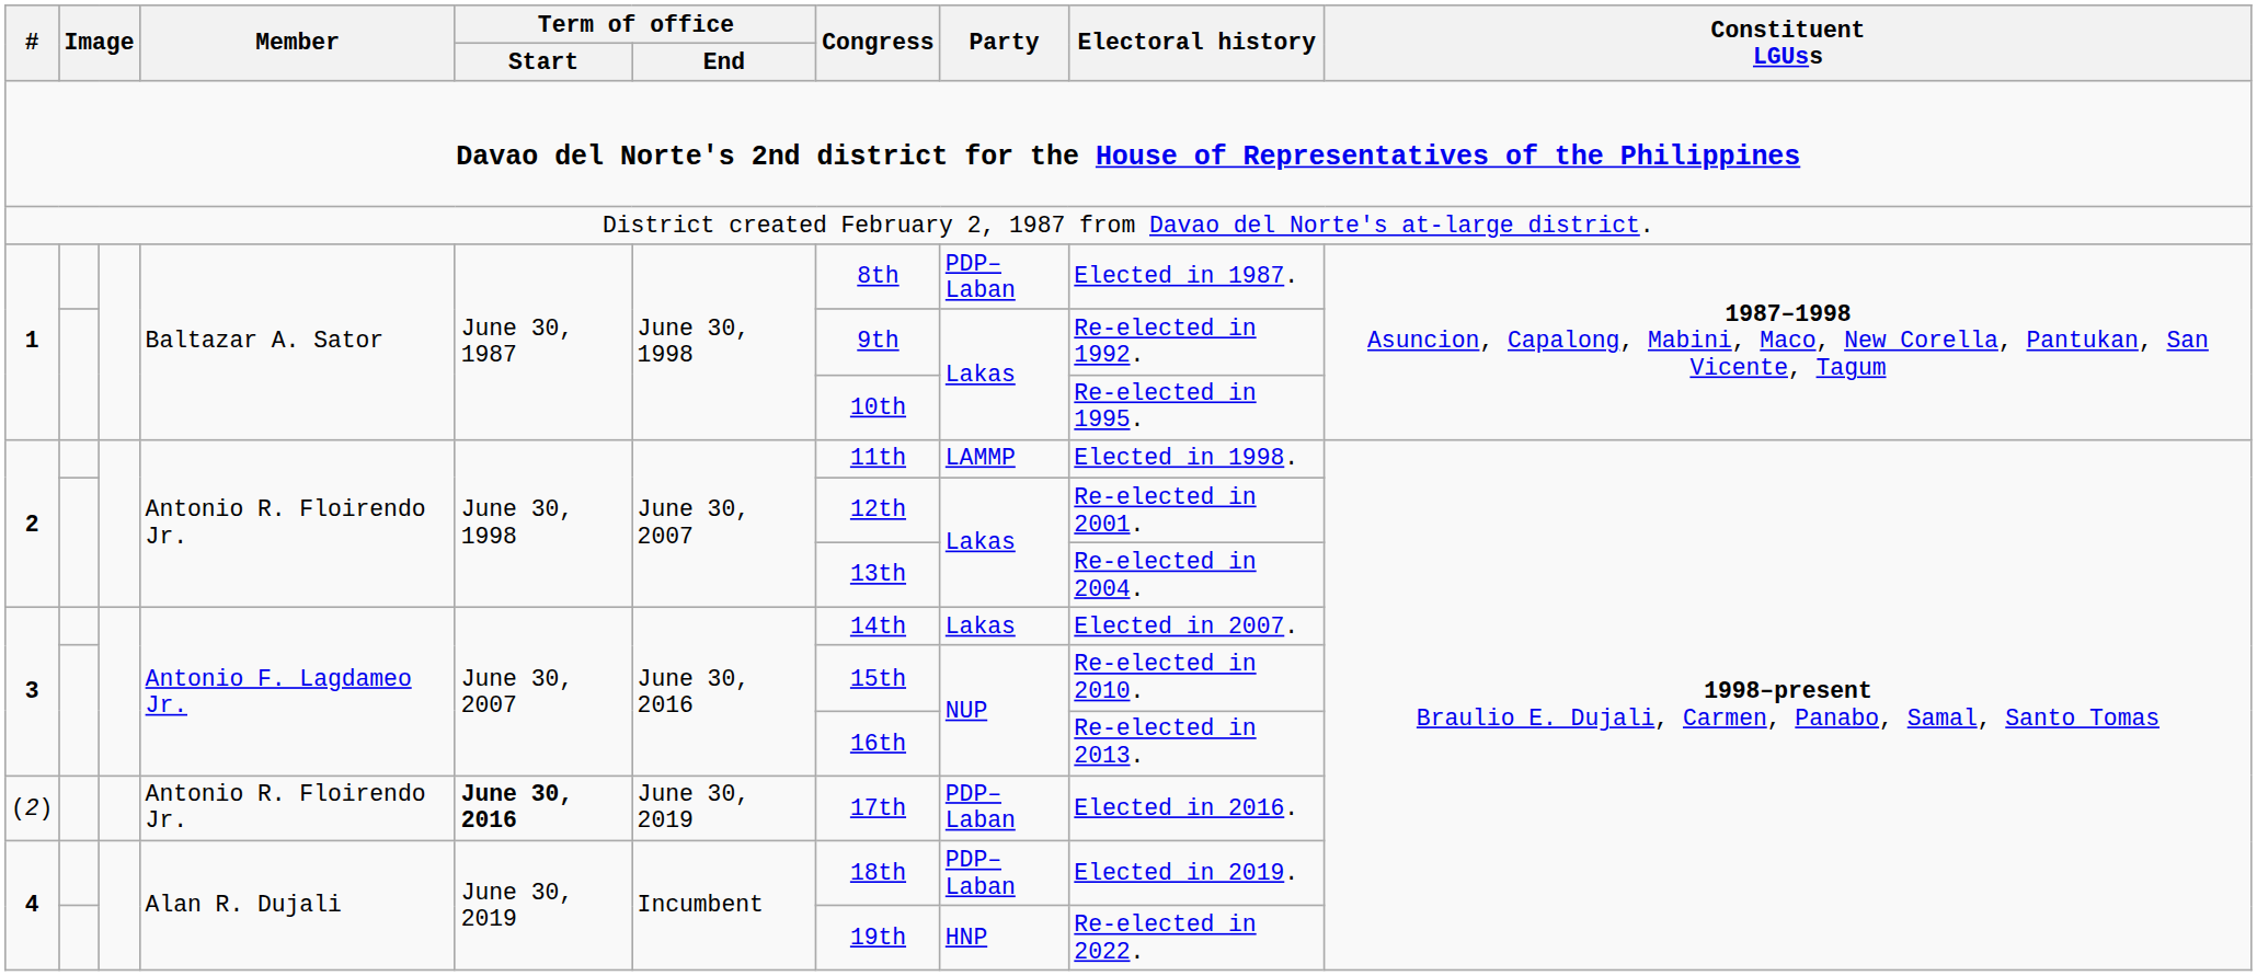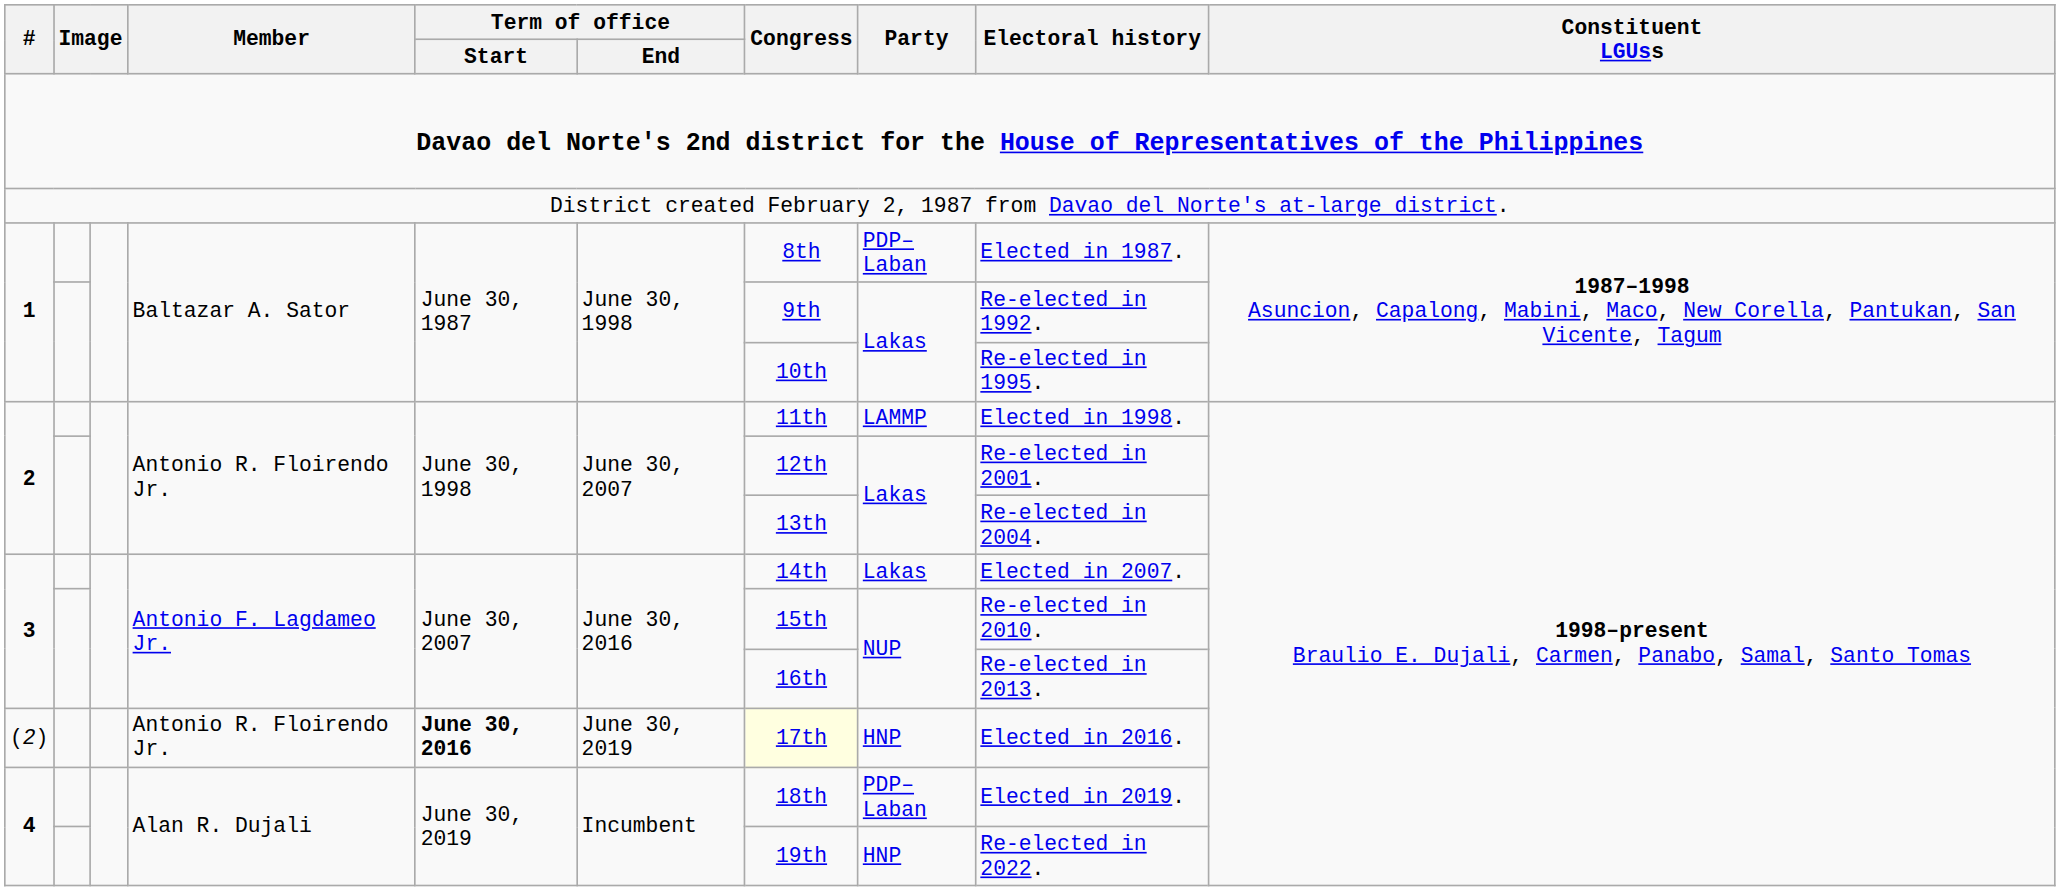 <table class=wikitable>
 <tr>
 <th rowspan="2">#</th>
 <th rowspan="2" colspan=2>Image</th>
 <th rowspan="2">Member</th>
 <th colspan=2>Term of office</th>
 <th rowspan="2">Congress</th>
 <th rowspan="2">Party</th>
 <th rowspan="2">Electoral history</th>
 <th rowspan="2">Constituent<br><a href='#'>LGUs</a>s</th>
 </tr>
 <tr>
 <th>Start</th>
 <th>End</th>
 </tr>
 <tr>
 <td colspan="10" style="text-align:center;"><br><h3>Davao del Norte's 2nd district for the <a href='#'>House of Representatives of the Philippines</a></h3></td>
 </tr>
 <tr>
 <td colspan="10" style="text-align:center;">District created February 2, 1987 from <a href='#'>Davao del Norte's at-large district</a>.</td>
 </tr>
 <tr>
 <td rowspan="3" style="text-align:center;"><strong>1</strong></td>
 <td style="color:inherit;background:"></td>
 <td rowspan="3"></td>
 <td rowspan="3">Baltazar A. Sator</td>
 <td rowspan="3">June 30, 1987</td>
 <td rowspan="3">June 30, 1998</td>
 <td style="text-align:center;"><a href='#'>8th</a></td>
 <td><a href='#'>PDP–Laban</a></td>
 <td><a href='#'>Elected in 1987</a>.</td>
 <td rowspan="3" style="text-align:center;"><strong>1987–1998</strong><br><a href='#'>Asuncion</a>, <a href='#'>Capalong</a>, <a href='#'>Mabini</a>, <a href='#'>Maco</a>, <a href='#'>New Corella</a>, <a href='#'>Pantukan</a>, <a href='#'>San Vicente</a>, <a href='#'>Tagum</a></td>
 </tr>
 <tr>
 <td rowspan="2" style="color:inherit;background:"></td>
 <td style="text-align:center;"><a href='#'>9th</a></td>
 <td rowspan="2"><a href='#'>Lakas</a></td>
 <td><a href='#'>Re-elected in 1992</a>.</td>
 </tr>
 <tr>
 <td style="text-align:center;"><a href='#'>10th</a></td>
 <td><a href='#'>Re-elected in 1995</a>.</td>
 </tr>
 <tr>
 <td rowspan="3" style="text-align:center;"><strong>2</strong></td>
 <td style="color:inherit;background:"></td>
 <td rowspan="3"></td>
 <td rowspan="3">Antonio R. Floirendo Jr.</td>
 <td rowspan="3">June 30, 1998</td>
 <td rowspan="3">June 30, 2007</td>
 <td style="text-align:center;"><a href='#'>11th</a></td>
 <td><a href='#'>LAMMP</a></td>
 <td><a href='#'>Elected in 1998</a>.</td>
 <td rowspan="9" style="text-align:center;"><strong>1998–present</strong><br><a href='#'>Braulio E. Dujali</a>, <a href='#'>Carmen</a>, <a href='#'>Panabo</a>, <a href='#'>Samal</a>, <a href='#'>Santo Tomas</a></td>
 </tr>
 <tr>
 <td rowspan="2" style="color:inherit;background:"></td>
 <td style="text-align:center;"><a href='#'>12th</a></td>
 <td rowspan="2"><a href='#'>Lakas</a></td>
 <td><a href='#'>Re-elected in 2001</a>.</td>
 </tr>
 <tr>
 <td style="text-align:center;"><a href='#'>13th</a></td>
 <td><a href='#'>Re-elected in 2004</a>.</td>
 </tr>
 <tr>
 <td rowspan="3" style="text-align:center;"><strong>3</strong></td>
 <td style="color:inherit;background:"></td>
 <td rowspan="3"></td>
 <td rowspan="3"><a href='#'>Antonio F. Lagdameo Jr.</a></td>
 <td rowspan="3">June 30, 2007</td>
 <td rowspan="3">June 30, 2016</td>
 <td style="text-align:center;"><a href='#'>14th</a></td>
 <td><a href='#'>Lakas</a></td>
 <td><a href='#'>Elected in 2007</a>.</td>
 </tr>
 <tr>
 <td rowspan="2" style="color:inherit;background:"></td>
 <td style="text-align:center;"><a href='#'>15th</a></td>
 <td rowspan="2"><a href='#'>NUP</a></td>
 <td><a href='#'>Re-elected in 2010</a>.</td>
 </tr>
 <tr>
 <td style="text-align:center;"><a href='#'>16th</a></td>
 <td><a href='#'>Re-elected in 2013</a>.</td>
 </tr>
 <tr>
 <td style="text-align:center;">(<em>2</em>)</td>
 <td style="color:inherit;background:"></td>
 <td></td>
 <td>Antonio R. Floirendo Jr.</td>
 <td><strong>June 30, 2016</strong></td>
 <td>June 30, 2019</td>
-<td style="text-align:center;"><a href='#'>17th</a></td>
-<td><a href='#'>PDP–Laban</a></td>
+<td style="background: lightyellow; text-align:center;"><a href='#'>17th</a></td>
+<td><a href='#'>HNP</a></td>
 <td><a href='#'>Elected in 2016</a>.</td>
 </tr>
 <tr>
 <td rowspan="2" style="text-align:center;"><strong>4</strong></td>
 <td style="color:inherit;background:"></td>
 <td rowspan="2"></td>
 <td rowspan="2">Alan R. Dujali</td>
 <td rowspan="2">June 30, 2019</td>
 <td rowspan="2">Incumbent</td>
 <td style="text-align:center;"><a href='#'>18th</a></td>
 <td><a href='#'>PDP–Laban</a></td>
 <td><a href='#'>Elected in 2019</a>.</td>
 </tr>
 <tr>
 <td style="color:inherit;background:"></td>
 <td style="text-align:center;"><a href='#'>19th</a></td>
 <td><a href='#'>HNP</a></td>
 <td><a href='#'>Re-elected in 2022</a>.</td>
 </tr>
 </table>
